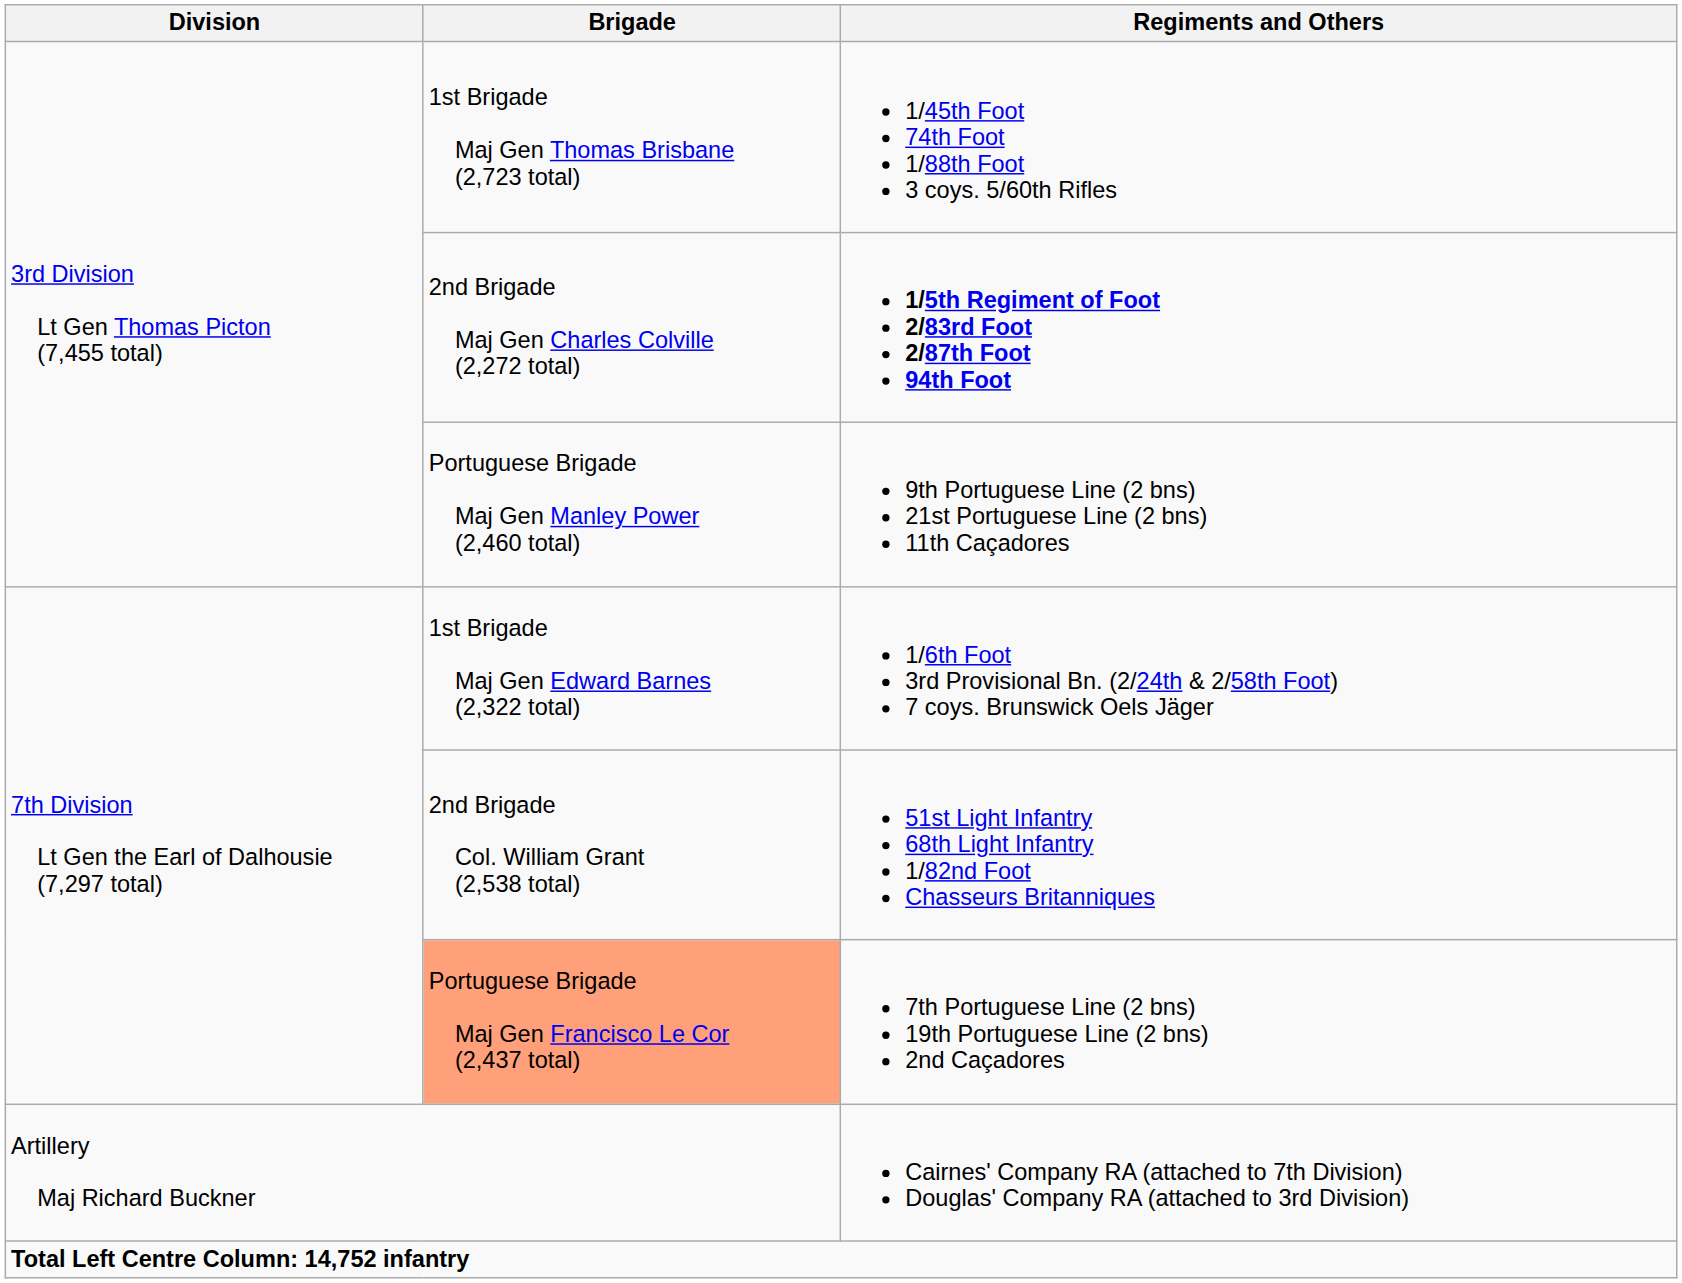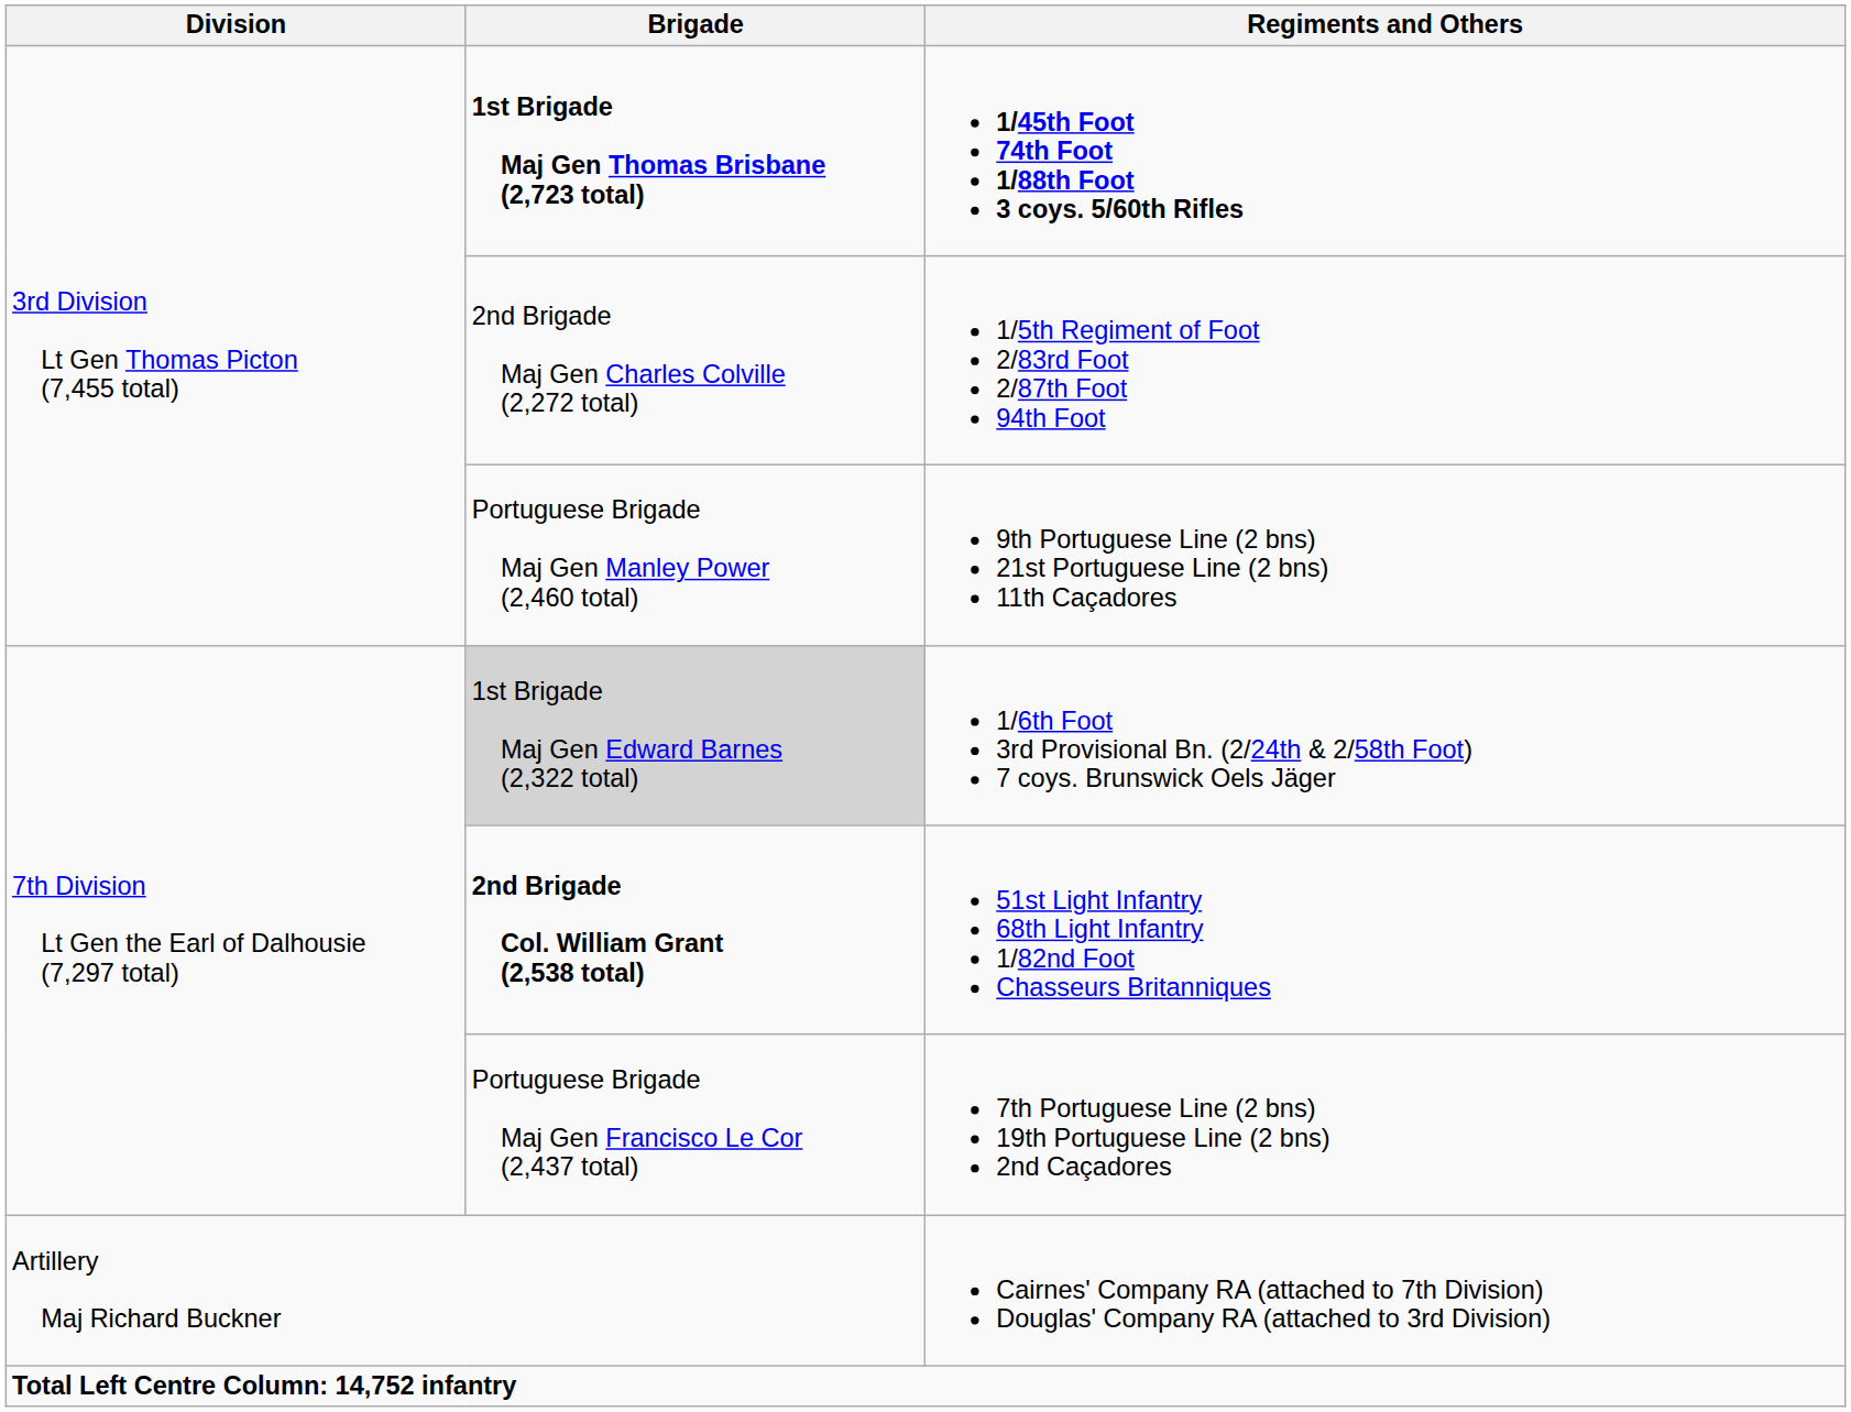 <table class="wikitable" width="90%" style="margin: 1em auto 1em auto">
 <tr>
 <th style="width:25%;">Division</th>
 <th style="width:25%;">Brigade</th>
 <th>Regiments and Others</th>
 </tr>
 <tr>
 <td rowspan=3><a href='#'>3rd Division</a><br><br>    Lt Gen <a href='#'>Thomas Picton</a> <br>    (7,455 total)</td>
-<td>1st Brigade<br><br>    Maj Gen <a href='#'>Thomas Brisbane</a> <br>    (2,723 total)</td>
-<td><br><ul><li>1/<a href='#'>45th Foot</a></li><li><a href='#'>74th Foot</a></li><li>1/<a href='#'>88th Foot</a></li><li>3 coys. 5/60th Rifles</li></ul></td>
+<td><strong>1st Brigade<br><br>    Maj Gen <a href='#'>Thomas Brisbane</a> <br>    (2,723 total)</strong></td>
+<td><strong><br><ul><li>1/<a href='#'>45th Foot</a></li><li><a href='#'>74th Foot</a></li><li>1/<a href='#'>88th Foot</a></li><li>3 coys. 5/60th Rifles</li></ul></strong></td>
 </tr>
 <tr>
 <td>2nd Brigade<br><br>    Maj Gen <a href='#'>Charles Colville</a> <br>    (2,272 total)</td>
-<td><strong><br><ul><li>1/<a href='#'>5th Regiment of Foot</a></li><li>2/<a href='#'>83rd Foot</a></li><li>2/<a href='#'>87th Foot</a></li><li><a href='#'>94th Foot</a></li></ul></strong></td>
+<td><br><ul><li>1/<a href='#'>5th Regiment of Foot</a></li><li>2/<a href='#'>83rd Foot</a></li><li>2/<a href='#'>87th Foot</a></li><li><a href='#'>94th Foot</a></li></ul></td>
 </tr>
 <tr>
 <td>Portuguese Brigade<br><br>    Maj Gen <a href='#'>Manley Power</a> <br>    (2,460 total)</td>
 <td><br><ul><li>9th Portuguese Line (2 bns)</li><li>21st Portuguese Line (2 bns)</li><li>11th Caçadores</li></ul></td>
 </tr>
 <tr>
 <td rowspan=3><a href='#'>7th Division</a><br><br>    Lt Gen the Earl of Dalhousie <br>    (7,297 total)</td>
-<td>1st Brigade<br><br>    Maj Gen <a href='#'>Edward Barnes</a> <br>    (2,322 total)</td>
+<td style="background: lightgrey;">1st Brigade<br><br>    Maj Gen <a href='#'>Edward Barnes</a> <br>    (2,322 total)</td>
 <td><br><ul><li>1/<a href='#'>6th Foot</a></li><li>3rd Provisional Bn. (2/<a href='#'>24th</a> & 2/<a href='#'>58th Foot</a>)</li><li>7 coys. Brunswick Oels Jäger</li></ul></td>
 </tr>
 <tr>
-<td>2nd Brigade<br><br>    Col. William Grant <br>    (2,538 total)</td>
+<td><strong>2nd Brigade<br><br>    Col. William Grant <br>    (2,538 total)</strong></td>
 <td><br><ul><li><a href='#'>51st Light Infantry</a></li><li><a href='#'>68th Light Infantry</a></li><li>1/<a href='#'>82nd Foot</a></li><li><a href='#'>Chasseurs Britanniques</a></li></ul></td>
 </tr>
 <tr>
-<td style="background: lightsalmon;">Portuguese Brigade<br><br>    Maj Gen <a href='#'>Francisco Le Cor</a> <br>    (2,437 total)</td>
+<td>Portuguese Brigade<br><br>    Maj Gen <a href='#'>Francisco Le Cor</a> <br>    (2,437 total)</td>
 <td><br><ul><li>7th Portuguese Line (2 bns)</li><li>19th Portuguese Line (2 bns)</li><li>2nd Caçadores</li></ul></td>
 </tr>
 <tr>
 <td colspan=2>Artillery<br><br>    Maj Richard Buckner</td>
 <td><br><ul><li>Cairnes' Company RA (attached to 7th Division)</li><li>Douglas' Company RA (attached to 3rd Division)</li></ul></td>
 </tr>
 <tr>
 <td colspan=3><strong>Total Left Centre Column: 14,752 infantry</strong></td>
 </tr>
 </table>
